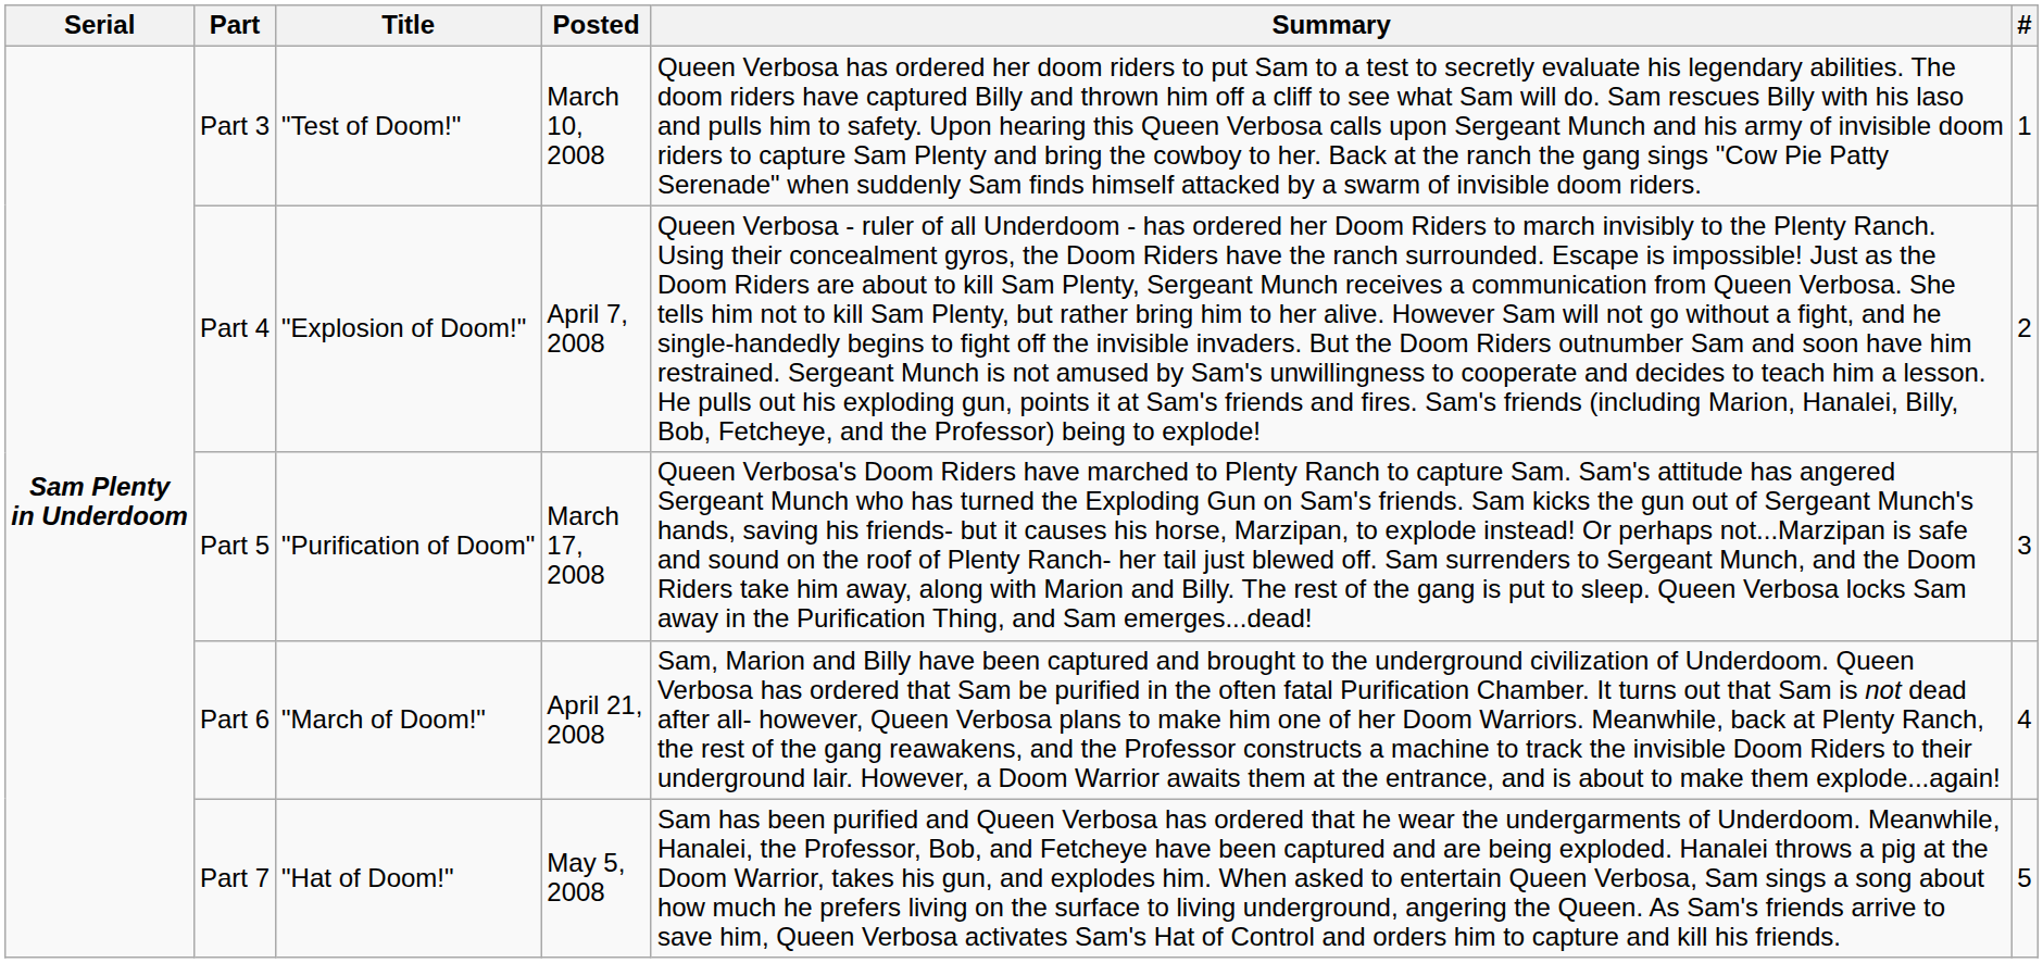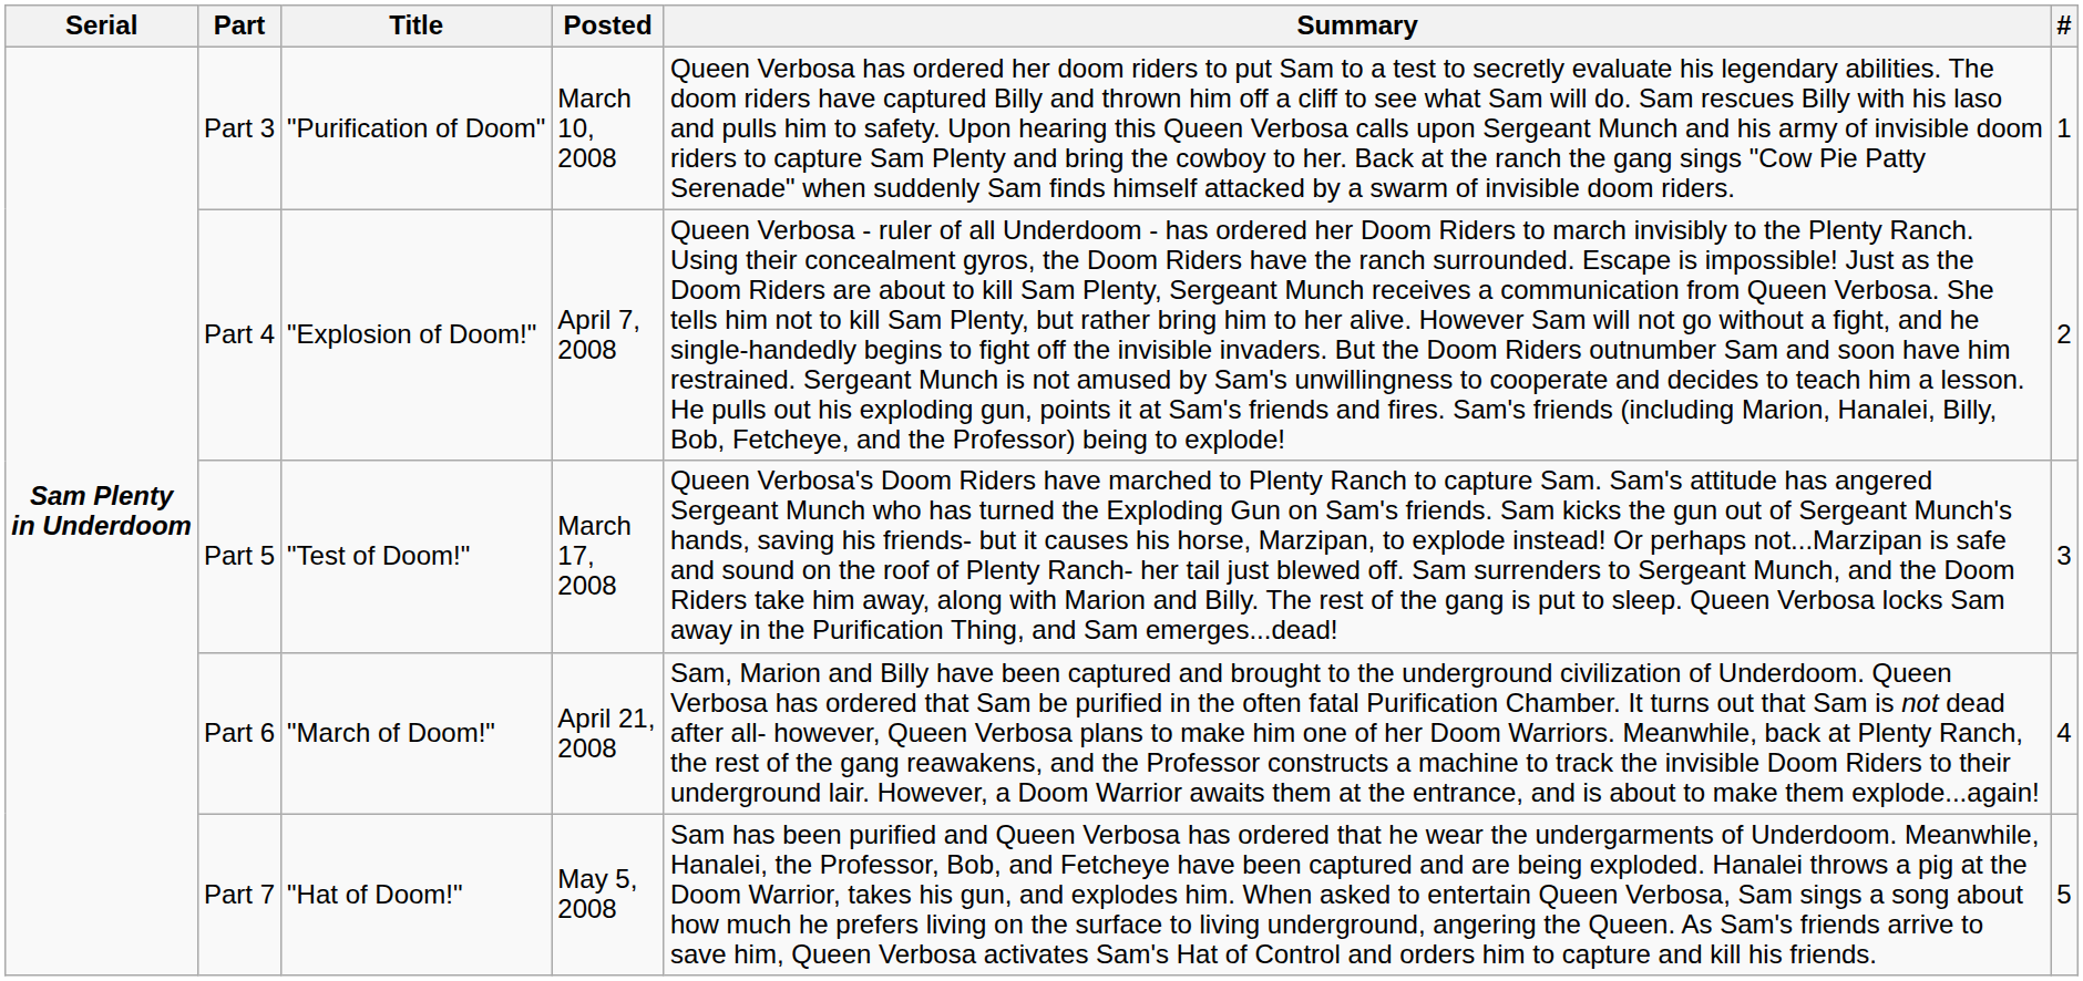 <table class="wikitable">
 <tr>
 <th>Serial</th>
 <th>Part</th>
 <th>Title</th>
 <th>Posted</th>
 <th>Summary</th>
 <th>#</th>
 </tr>
 <tr>
 <td rowspan="5" style="text-align:center;"><strong><em>Sam Plenty<br>in Underdoom</em></strong></td>
 <td>Part 3</td>
-<td>"Test of Doom!"</td>
+<td>"Purification of Doom"</td>
 <td>March 10, 2008</td>
 <td>Queen Verbosa has ordered her doom riders to put Sam to a test to secretly evaluate his legendary abilities. The doom riders have captured Billy and thrown him off a cliff to see what Sam will do.  Sam rescues Billy with his laso and pulls him to safety. Upon hearing this Queen Verbosa calls upon Sergeant Munch and his army of invisible doom riders to capture Sam Plenty and bring the cowboy to her. Back at the ranch the gang sings "Cow Pie Patty Serenade" when suddenly Sam finds himself attacked by a swarm of invisible doom riders.</td>
 <td>1</td>
 </tr>
 <tr>
 <td>Part 4</td>
 <td>"Explosion of Doom!"</td>
 <td>April 7, 2008</td>
 <td>Queen Verbosa - ruler of all Underdoom - has ordered her Doom Riders to march invisibly to the Plenty Ranch. Using their concealment gyros, the Doom Riders have the ranch surrounded. Escape is impossible! Just as the Doom Riders are about to kill Sam Plenty, Sergeant Munch receives a communication from Queen Verbosa. She tells him not to kill Sam Plenty, but rather bring him to her alive. However Sam will not go without a fight, and he single-handedly begins to fight off the invisible invaders. But the Doom Riders outnumber Sam and soon have him restrained. Sergeant Munch is not amused by Sam's unwillingness to cooperate and decides to teach him a lesson. He pulls out his exploding gun, points it at Sam's friends and fires. Sam's friends (including Marion, Hanalei, Billy, Bob, Fetcheye, and the Professor) being to explode!</td>
 <td>2</td>
 </tr>
 <tr>
 <td>Part 5</td>
-<td>"Purification of Doom"</td>
+<td>"Test of Doom!"</td>
 <td>March 17, 2008</td>
 <td>Queen Verbosa's Doom Riders have marched to Plenty Ranch to capture Sam. Sam's attitude has angered Sergeant Munch who has turned the Exploding Gun on Sam's friends. Sam kicks the gun out of Sergeant Munch's hands, saving his friends- but it causes his horse, Marzipan, to explode instead! Or perhaps not...Marzipan is safe and sound on the roof of Plenty Ranch- her tail just blewed off. Sam surrenders to Sergeant Munch, and the Doom Riders take him away, along with Marion and Billy. The rest of the gang is put to sleep. Queen Verbosa locks Sam away in the Purification Thing, and Sam emerges...dead!</td>
 <td>3</td>
 </tr>
 <tr>
 <td>Part 6</td>
 <td>"March of Doom!"</td>
 <td>April 21, 2008</td>
 <td>Sam, Marion and Billy have been captured and brought to the underground civilization of Underdoom. Queen Verbosa has ordered that Sam be purified in the often fatal Purification Chamber. It turns out that Sam is <em>not</em> dead after all- however, Queen Verbosa plans to make him one of her Doom Warriors. Meanwhile, back at Plenty Ranch, the rest of the gang reawakens, and the Professor constructs a machine to track the invisible Doom Riders to their underground lair. However, a Doom Warrior awaits them at the entrance, and is about to make them explode...again!</td>
 <td>4</td>
 </tr>
 <tr>
 <td>Part 7</td>
 <td>"Hat of Doom!"</td>
 <td>May 5, 2008</td>
 <td>Sam has been purified and Queen Verbosa has ordered that he wear the undergarments of Underdoom. Meanwhile, Hanalei, the Professor, Bob, and Fetcheye have been captured and are being exploded. Hanalei throws a pig at the Doom Warrior, takes his gun, and explodes him. When asked to entertain Queen Verbosa, Sam sings a song about how much he prefers living on the surface to living underground, angering the Queen. As Sam's friends arrive to save him, Queen Verbosa activates Sam's Hat of Control and orders him to capture and kill his friends.</td>
 <td>5</td>
 </tr>
 </table>
